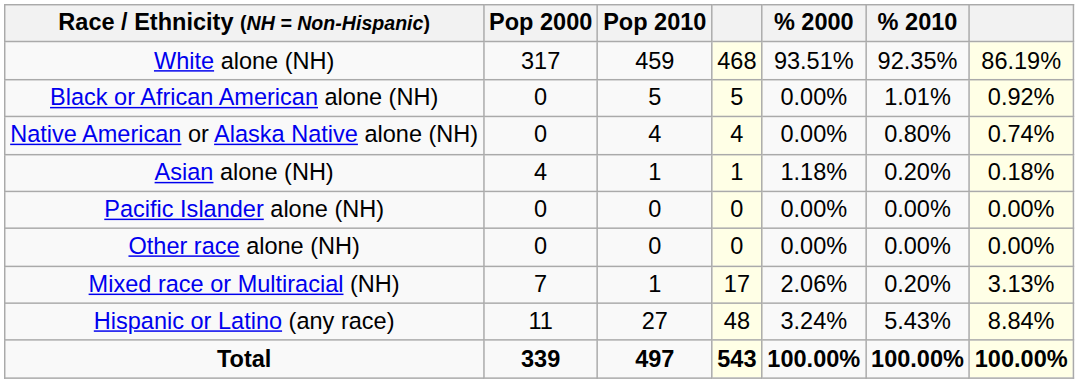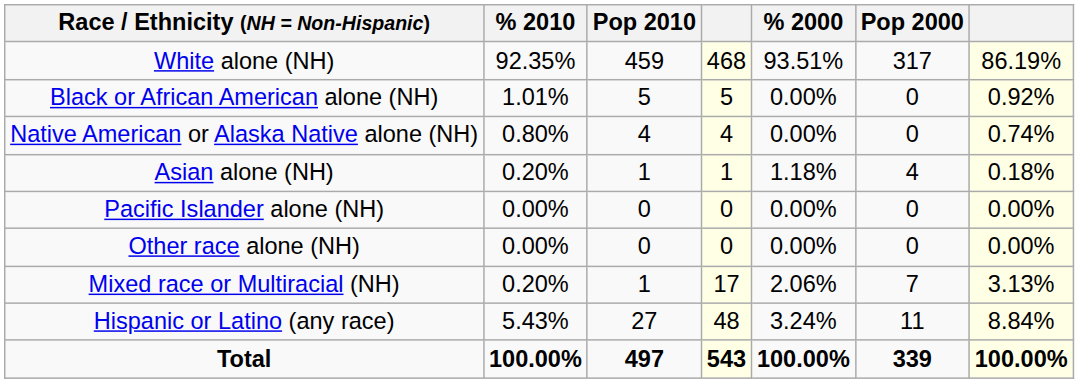 <table class="wikitable" style="text-align:center;">
 <tr>
 <th>Race / Ethnicity <small>(<em>NH = Non-Hispanic</em>)</small></th>
-<th>Pop 2000</th>
+<th>% 2010</th>
 <th>Pop 2010</th>
 <th></th>
 <th>% 2000</th>
-<th>% 2010</th>
+<th>Pop 2000</th>
 <th></th>
 </tr>
 <tr>
 <td><a href='#'>White</a> alone (NH)</td>
-<td>317</td>
+<td>92.35%</td>
 <td>459</td>
 <td style='background: #ffffe6;'>468</td>
 <td>93.51%</td>
-<td>92.35%</td>
+<td>317</td>
 <td style='background: #ffffe6;'>86.19%</td>
 </tr>
 <tr>
 <td><a href='#'>Black or African American</a> alone (NH)</td>
-<td>0</td>
+<td>1.01%</td>
 <td>5</td>
 <td style='background: #ffffe6;'>5</td>
 <td>0.00%</td>
-<td>1.01%</td>
+<td>0</td>
 <td style='background: #ffffe6;'>0.92%</td>
 </tr>
 <tr>
 <td><a href='#'>Native American</a> or <a href='#'>Alaska Native</a> alone (NH)</td>
-<td>0</td>
+<td>0.80%</td>
 <td>4</td>
 <td style='background: #ffffe6;'>4</td>
 <td>0.00%</td>
-<td>0.80%</td>
+<td>0</td>
 <td style='background: #ffffe6;'>0.74%</td>
 </tr>
 <tr>
 <td><a href='#'>Asian</a> alone (NH)</td>
-<td>4</td>
+<td>0.20%</td>
 <td>1</td>
 <td style='background: #ffffe6;'>1</td>
 <td>1.18%</td>
-<td>0.20%</td>
+<td>4</td>
 <td style='background: #ffffe6;'>0.18%</td>
 </tr>
 <tr>
 <td><a href='#'>Pacific Islander</a> alone (NH)</td>
-<td>0</td>
+<td>0.00%</td>
 <td>0</td>
 <td style='background: #ffffe6;'>0</td>
 <td>0.00%</td>
-<td>0.00%</td>
+<td>0</td>
 <td style='background: #ffffe6;'>0.00%</td>
 </tr>
 <tr>
 <td><a href='#'>Other race</a> alone (NH)</td>
-<td>0</td>
+<td>0.00%</td>
 <td>0</td>
 <td style='background: #ffffe6;'>0</td>
 <td>0.00%</td>
-<td>0.00%</td>
+<td>0</td>
 <td style='background: #ffffe6;'>0.00%</td>
 </tr>
 <tr>
 <td><a href='#'>Mixed race or Multiracial</a> (NH)</td>
-<td>7</td>
+<td>0.20%</td>
 <td>1</td>
 <td style='background: #ffffe6;'>17</td>
 <td>2.06%</td>
-<td>0.20%</td>
+<td>7</td>
 <td style='background: #ffffe6;'>3.13%</td>
 </tr>
 <tr>
 <td><a href='#'>Hispanic or Latino</a> (any race)</td>
-<td>11</td>
+<td>5.43%</td>
 <td>27</td>
 <td style='background: #ffffe6;'>48</td>
 <td>3.24%</td>
-<td>5.43%</td>
+<td>11</td>
 <td style='background: #ffffe6;'>8.84%</td>
 </tr>
 <tr>
 <td><strong>Total</strong></td>
-<td><strong>339</strong></td>
+<td><strong>100.00%</strong></td>
 <td><strong>497</strong></td>
 <td style='background: #ffffe6;'><strong>543</strong></td>
 <td><strong>100.00%</strong></td>
-<td><strong>100.00%</strong></td>
+<td><strong>339</strong></td>
 <td style='background: #ffffe6;'><strong>100.00%</strong></td>
 </tr>
 </table>
